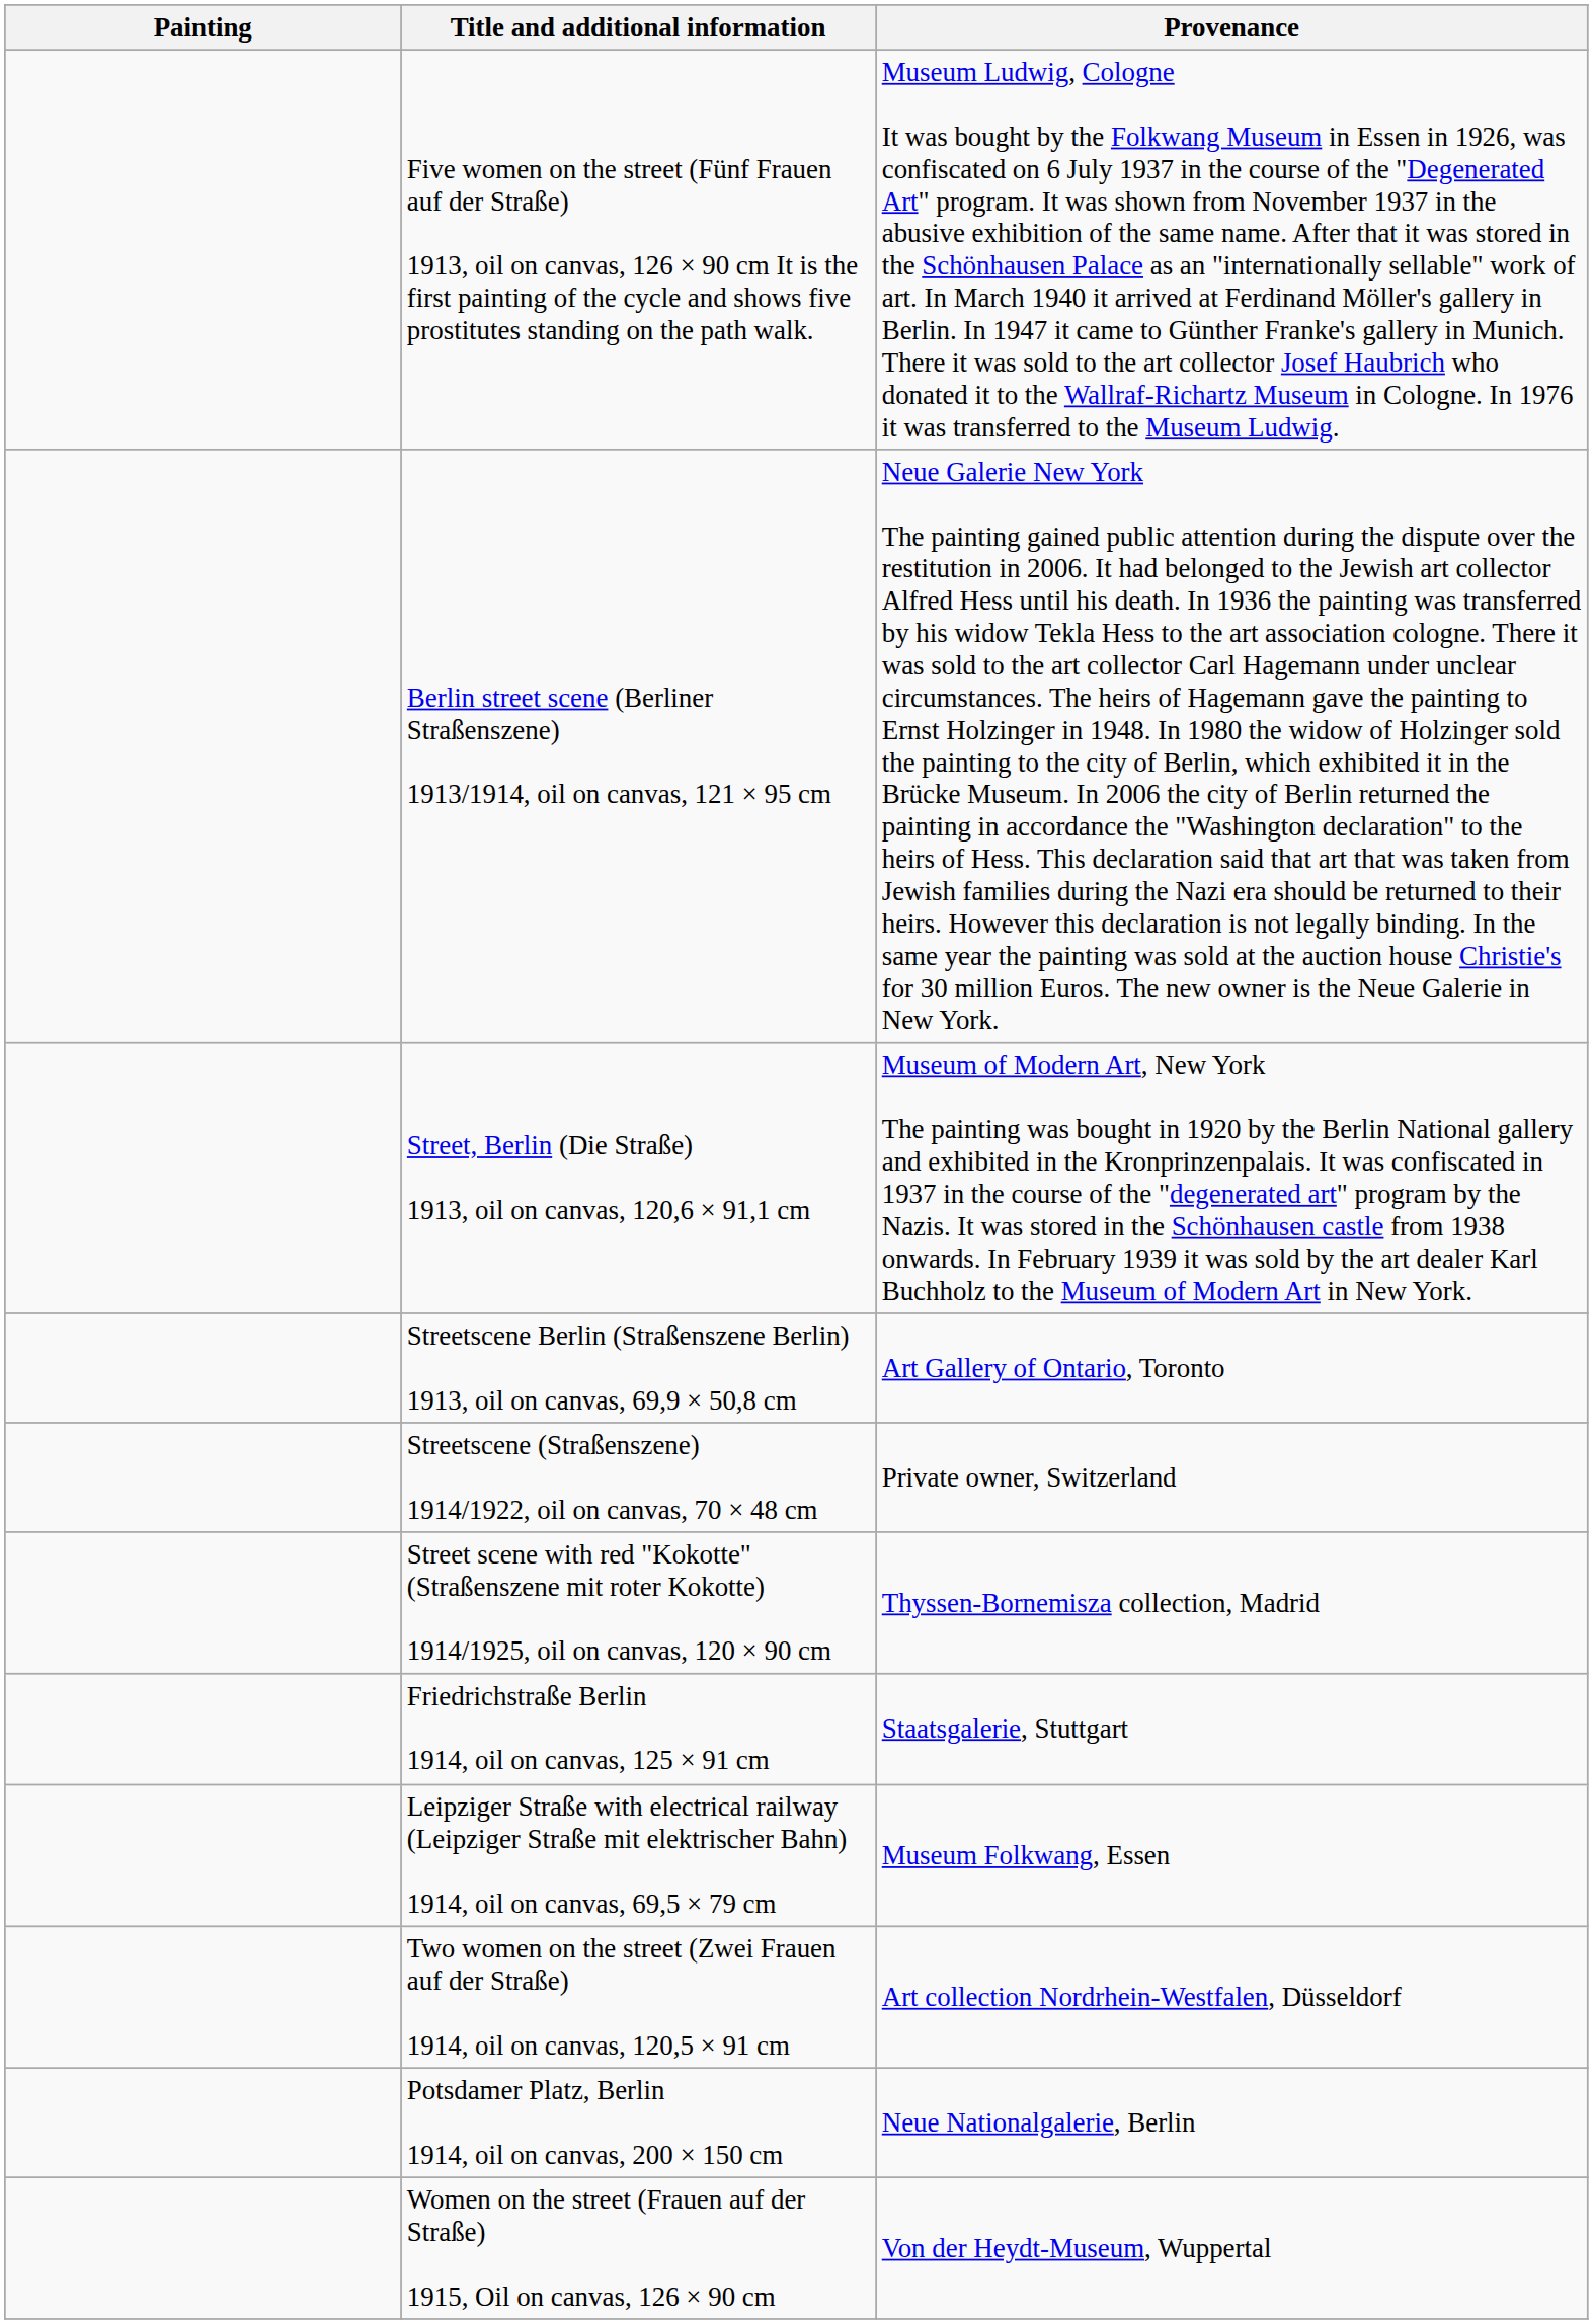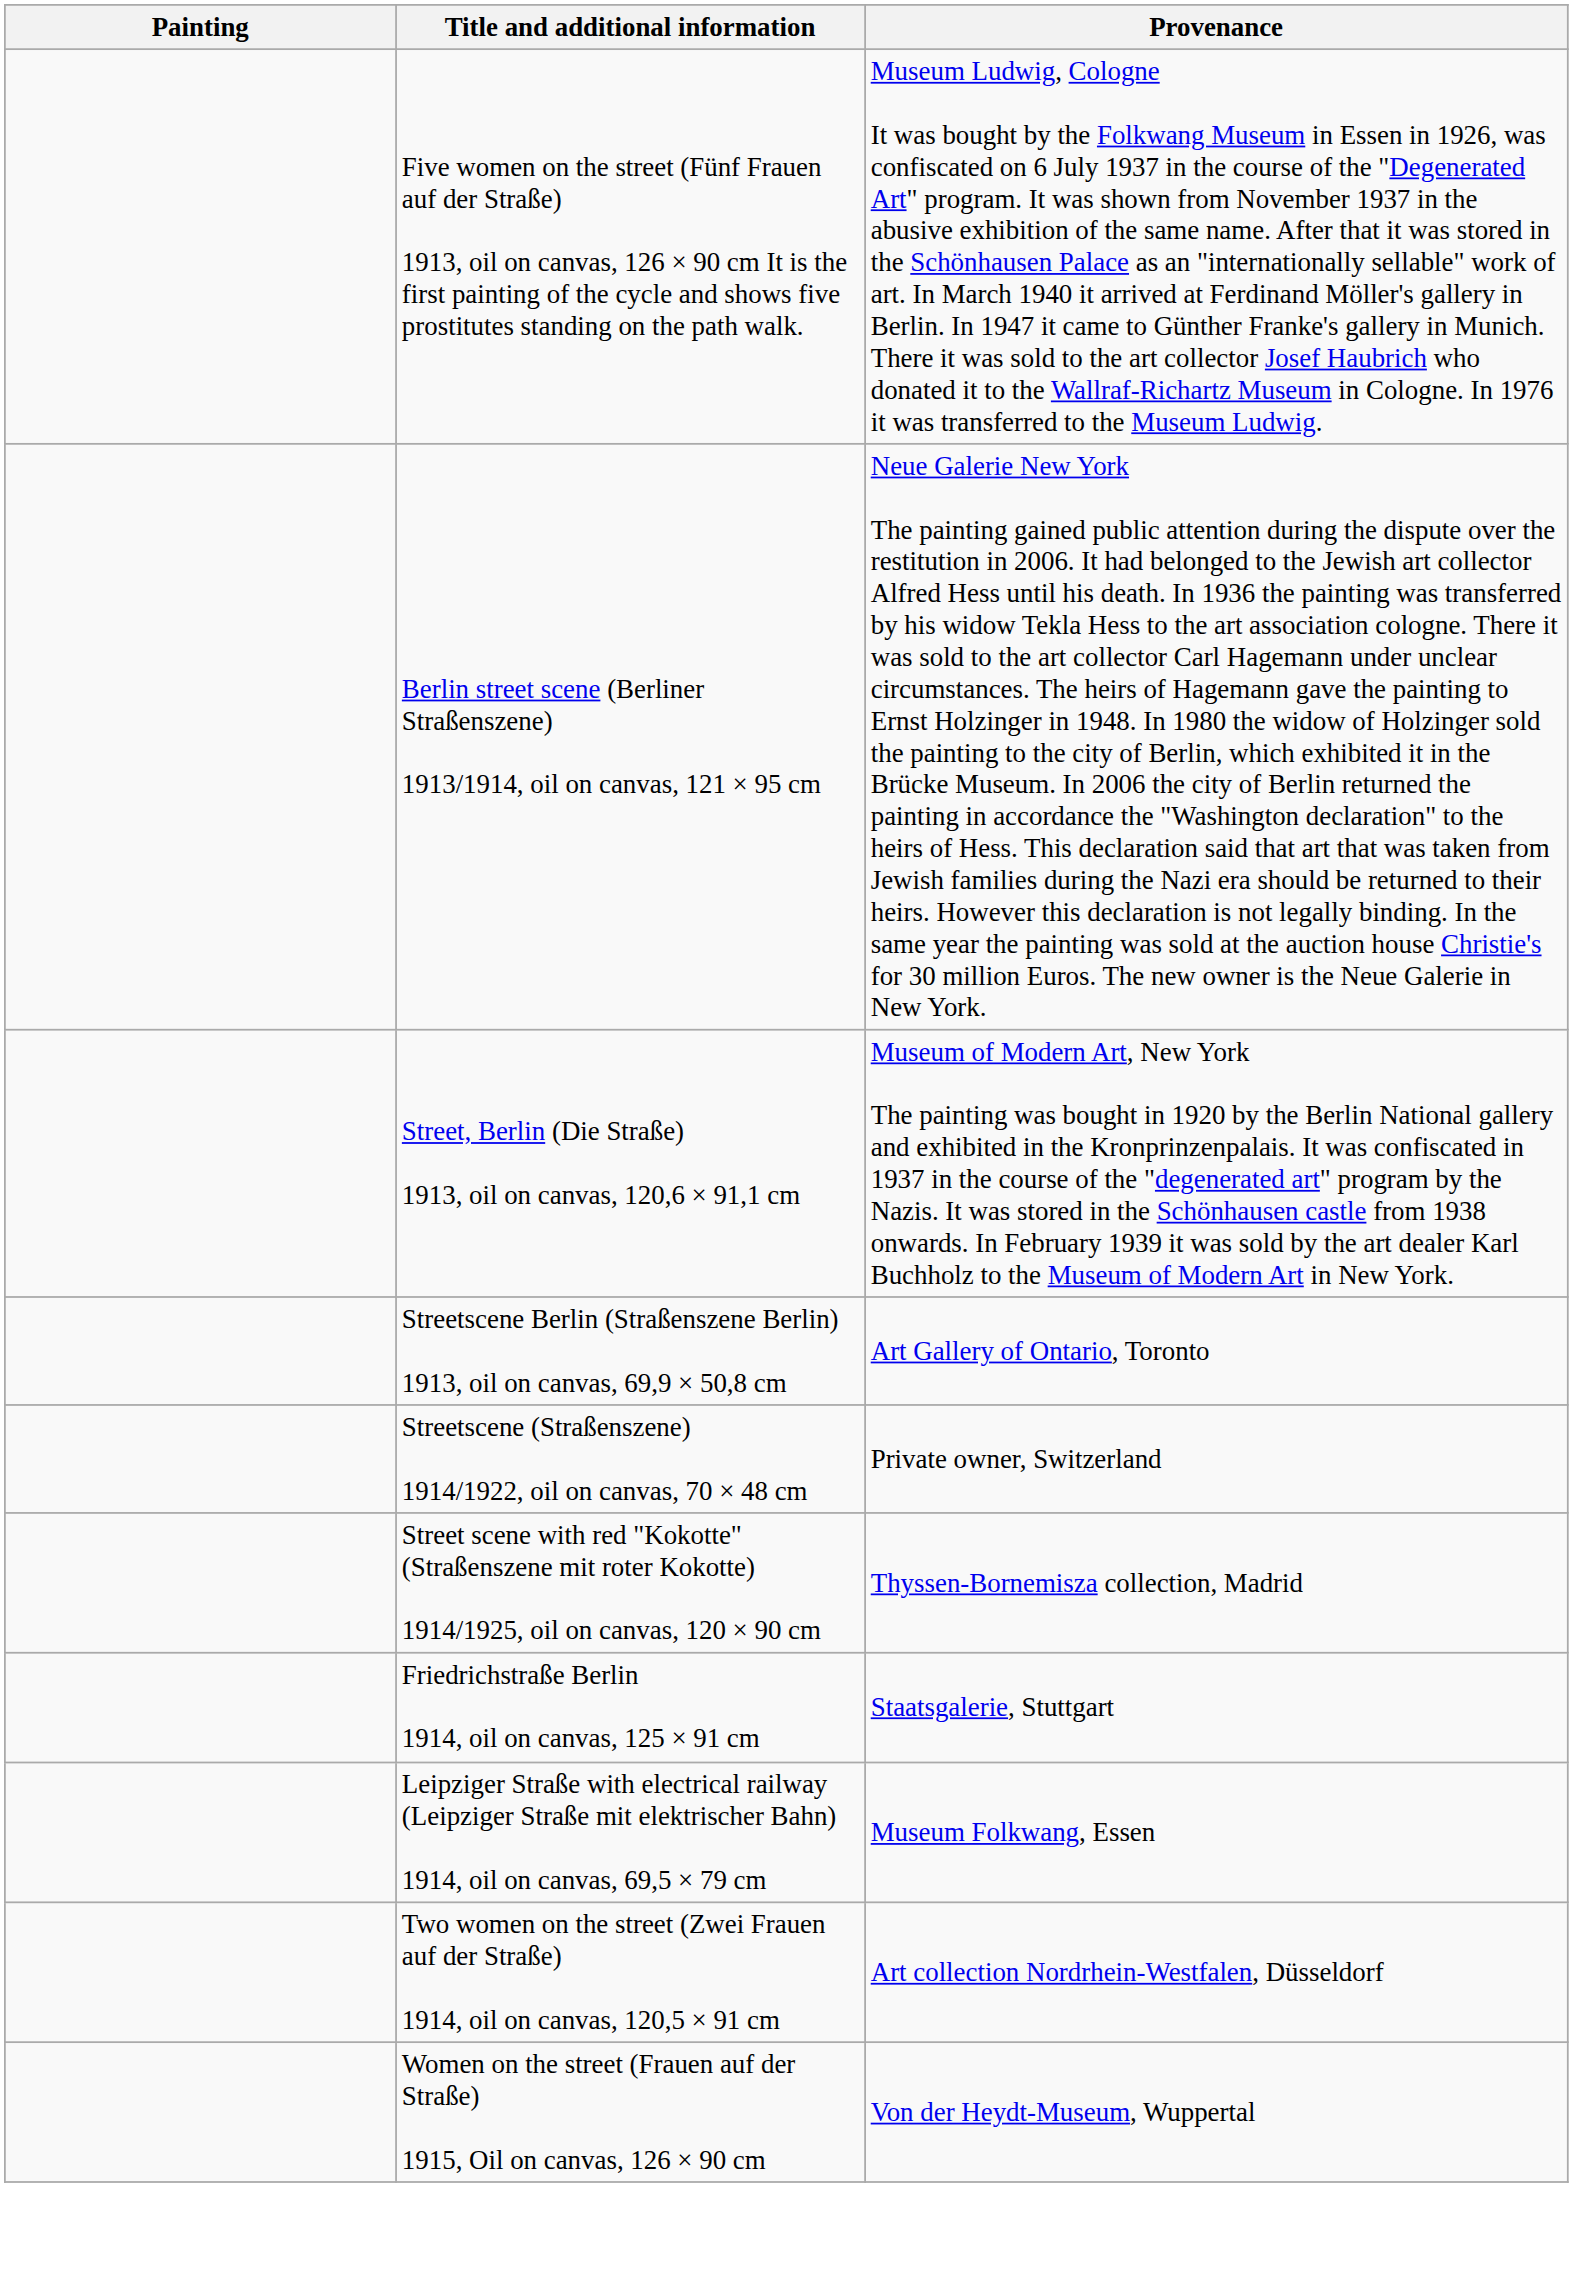 <table class="wikitable" style="font-size: 95%;" width="100%">
 <tr>
 <th style="width:25%">Painting</th>
 <th style="width:30%">Title and additional information</th>
 <th style="width:45%">Provenance</th>
 </tr>
 <tr>
 <td></td>
 <td>Five women on the street (Fünf Frauen auf der Straße)<br><br>1913, oil on canvas, 126 × 90 cm  It is the first painting of the cycle and shows five prostitutes standing on the path walk.</td>
 <td><a href='#'>Museum Ludwig</a>, <a href='#'>Cologne</a><br><br>It was bought by the <a href='#'>Folkwang Museum</a> in Essen in 1926, was confiscated on 6 July 1937 in the course of the "<a href='#'>Degenerated Art</a>" program. It was shown from November 1937 in the abusive exhibition of the same name. After that it was stored in the <a href='#'>Schönhausen Palace</a> as an "internationally sellable" work of art. In March 1940 it arrived at Ferdinand Möller's gallery in Berlin. In 1947 it came to Günther Franke's gallery in Munich. There it was sold to the art collector <a href='#'>Josef Haubrich</a> who donated it to the <a href='#'>Wallraf-Richartz Museum</a> in Cologne. In 1976 it was transferred to the <a href='#'>Museum Ludwig</a>.</td>
 </tr>
 <tr>
 <td></td>
 <td><a href='#'>Berlin street scene</a> (Berliner Straßenszene)<br><br>1913/1914, oil on canvas, 121 × 95 cm </td>
 <td><a href='#'>Neue Galerie New York</a><br><br>The painting gained public attention during the dispute over the restitution in 2006. It had belonged to the Jewish art collector Alfred Hess until his death. In 1936 the painting was transferred by his widow Tekla Hess to the art association cologne. There it was sold to the art collector Carl Hagemann under unclear circumstances. The heirs of Hagemann gave the painting to Ernst Holzinger in 1948. In 1980 the widow of Holzinger sold the painting to the city of Berlin, which exhibited it in the Brücke Museum. In 2006 the city of Berlin returned the painting in accordance the "Washington declaration" to the heirs of Hess. This declaration said that art that was taken from Jewish families during the Nazi era should be returned to their heirs. However this declaration is not legally binding.  In the same year the painting was sold at the auction house <a href='#'>Christie's</a> for 30 million Euros. The new owner is the Neue Galerie in New York.</td>
 </tr>
 <tr>
 <td></td>
 <td><a href='#'>Street, Berlin</a> (Die Straße)<br><br>1913, oil on canvas, 120,6 × 91,1 cm </td>
 <td><a href='#'>Museum of Modern Art</a>, New York<br><br>The painting was bought in 1920 by the Berlin National gallery and exhibited in the Kronprinzenpalais. It was confiscated in 1937 in the course of the "<a href='#'>degenerated art</a>" program by the Nazis. It was stored in the <a href='#'>Schönhausen castle</a> from 1938 onwards. In February 1939 it was sold by the art dealer Karl Buchholz to the <a href='#'>Museum of Modern Art</a> in New York.</td>
 </tr>
 <tr>
 <td></td>
 <td>Streetscene Berlin (Straßenszene Berlin)<br><br>1913, oil on canvas, 69,9 × 50,8 cm </td>
 <td><a href='#'>Art Gallery of Ontario</a>, Toronto</td>
 </tr>
 <tr>
 <td></td>
 <td>Streetscene (Straßenszene)<br><br>1914/1922, oil on canvas, 70 × 48 cm </td>
 <td>Private owner, Switzerland</td>
 </tr>
 <tr>
 <td></td>
 <td>Street scene with red "Kokotte" (Straßenszene mit roter Kokotte)<br><br>1914/1925, oil on canvas, 120 × 90 cm </td>
 <td><a href='#'>Thyssen-Bornemisza</a> collection, Madrid</td>
 </tr>
 <tr>
 <td></td>
 <td>Friedrichstraße Berlin<br><br>1914, oil on canvas, 125 × 91 cm </td>
 <td><a href='#'>Staatsgalerie</a>, Stuttgart</td>
 </tr>
 <tr>
 <td></td>
 <td>Leipziger Straße with electrical railway (Leipziger Straße mit elektrischer Bahn)<br><br>1914, oil on canvas, 69,5 × 79 cm </td>
 <td><a href='#'>Museum Folkwang</a>, Essen</td>
 </tr>
 <tr>
 <td></td>
 <td>Two women on the street (Zwei Frauen auf der Straße)<br><br>1914, oil on canvas, 120,5 × 91 cm </td>
 <td><a href='#'>Art collection Nordrhein-Westfalen</a>, Düsseldorf</td>
 </tr>
 <tr>
 <td></td>
-<td>Potsdamer Platz, Berlin<br><br>1914, oil on canvas, 200 × 150 cm </td>
-<td><a href='#'>Neue Nationalgalerie</a>, Berlin</td>
-</tr>
-<tr>
-<td></td>
 <td>Women on the street (Frauen auf der Straße)<br><br>1915, Oil on canvas, 126 × 90 cm </td>
 <td><a href='#'>Von der Heydt-Museum</a>, Wuppertal</td>
 </tr>
 </table>
